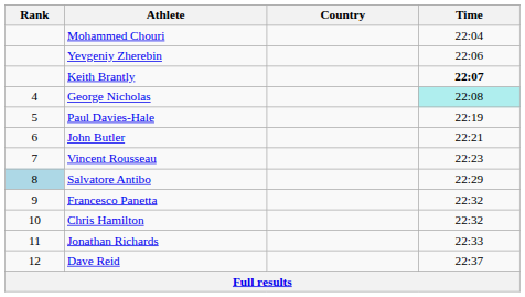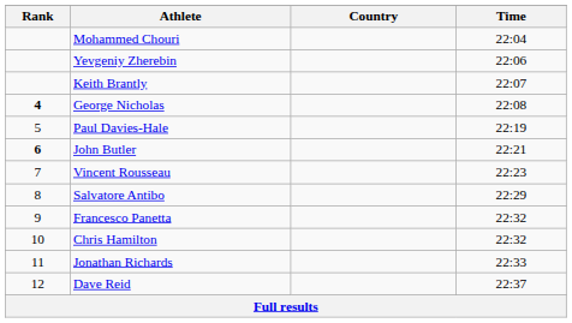 <table class="wikitable sortable" style=" text-align:center; font-size:95%;" width="50%">
 <tr>
 </tr>
 <tr>
 <th width=5%>Rank</th>
 <th width=20%>Athlete</th>
 <th width=15%>Country</th>
 <th width=10%>Time</th>
 </tr>
 <tr>
 <td align=center></td>
 <td align=left><a href='#'>Mohammed Chouri</a></td>
 <td align=left></td>
 <td>22:04</td>
 </tr>
 <tr>
 <td align=center></td>
 <td align=left><a href='#'>Yevgeniy Zherebin</a></td>
 <td align=left></td>
 <td>22:06</td>
 </tr>
 <tr>
 <td align=center></td>
 <td align=left><a href='#'>Keith Brantly</a></td>
 <td align=left></td>
-<td><strong>22:07</strong></td>
+<td>22:07</td>
 </tr>
 <tr>
-<td align=center>4</td>
+<td align=center><strong>4</strong></td>
 <td align=left><a href='#'>George Nicholas</a></td>
 <td align=left></td>
-<td style="background: paleturquoise;">22:08</td>
+<td>22:08</td>
 </tr>
 <tr>
 <td align=center>5</td>
 <td align=left><a href='#'>Paul Davies-Hale</a></td>
 <td align=left></td>
 <td>22:19</td>
 </tr>
 <tr>
-<td align=center>6</td>
+<td align=center><strong>6</strong></td>
 <td align=left><a href='#'>John Butler</a></td>
 <td align=left></td>
 <td>22:21</td>
 </tr>
 <tr>
 <td align=center>7</td>
 <td align=left><a href='#'>Vincent Rousseau</a></td>
 <td align=left></td>
 <td>22:23</td>
 </tr>
 <tr>
-<td align=center style="background: lightblue;">8</td>
+<td align=center>8</td>
 <td align=left><a href='#'>Salvatore Antibo</a></td>
 <td align=left></td>
 <td>22:29</td>
 </tr>
 <tr>
 <td align=center>9</td>
 <td align=left><a href='#'>Francesco Panetta</a></td>
 <td align=left></td>
 <td>22:32</td>
 </tr>
 <tr>
 <td align=center>10</td>
 <td align=left><a href='#'>Chris Hamilton</a></td>
 <td align=left></td>
 <td>22:32</td>
 </tr>
 <tr>
 <td align=center>11</td>
 <td align=left><a href='#'>Jonathan Richards</a></td>
 <td align=left></td>
 <td>22:33</td>
 </tr>
 <tr>
 <td align=center>12</td>
 <td align=left><a href='#'>Dave Reid</a></td>
 <td align=left></td>
 <td>22:37</td>
 </tr>
 <tr class="sortbottom">
 <th colspan=4 align=center><a href='#'>Full results</a></th>
 </tr>
 </table>
